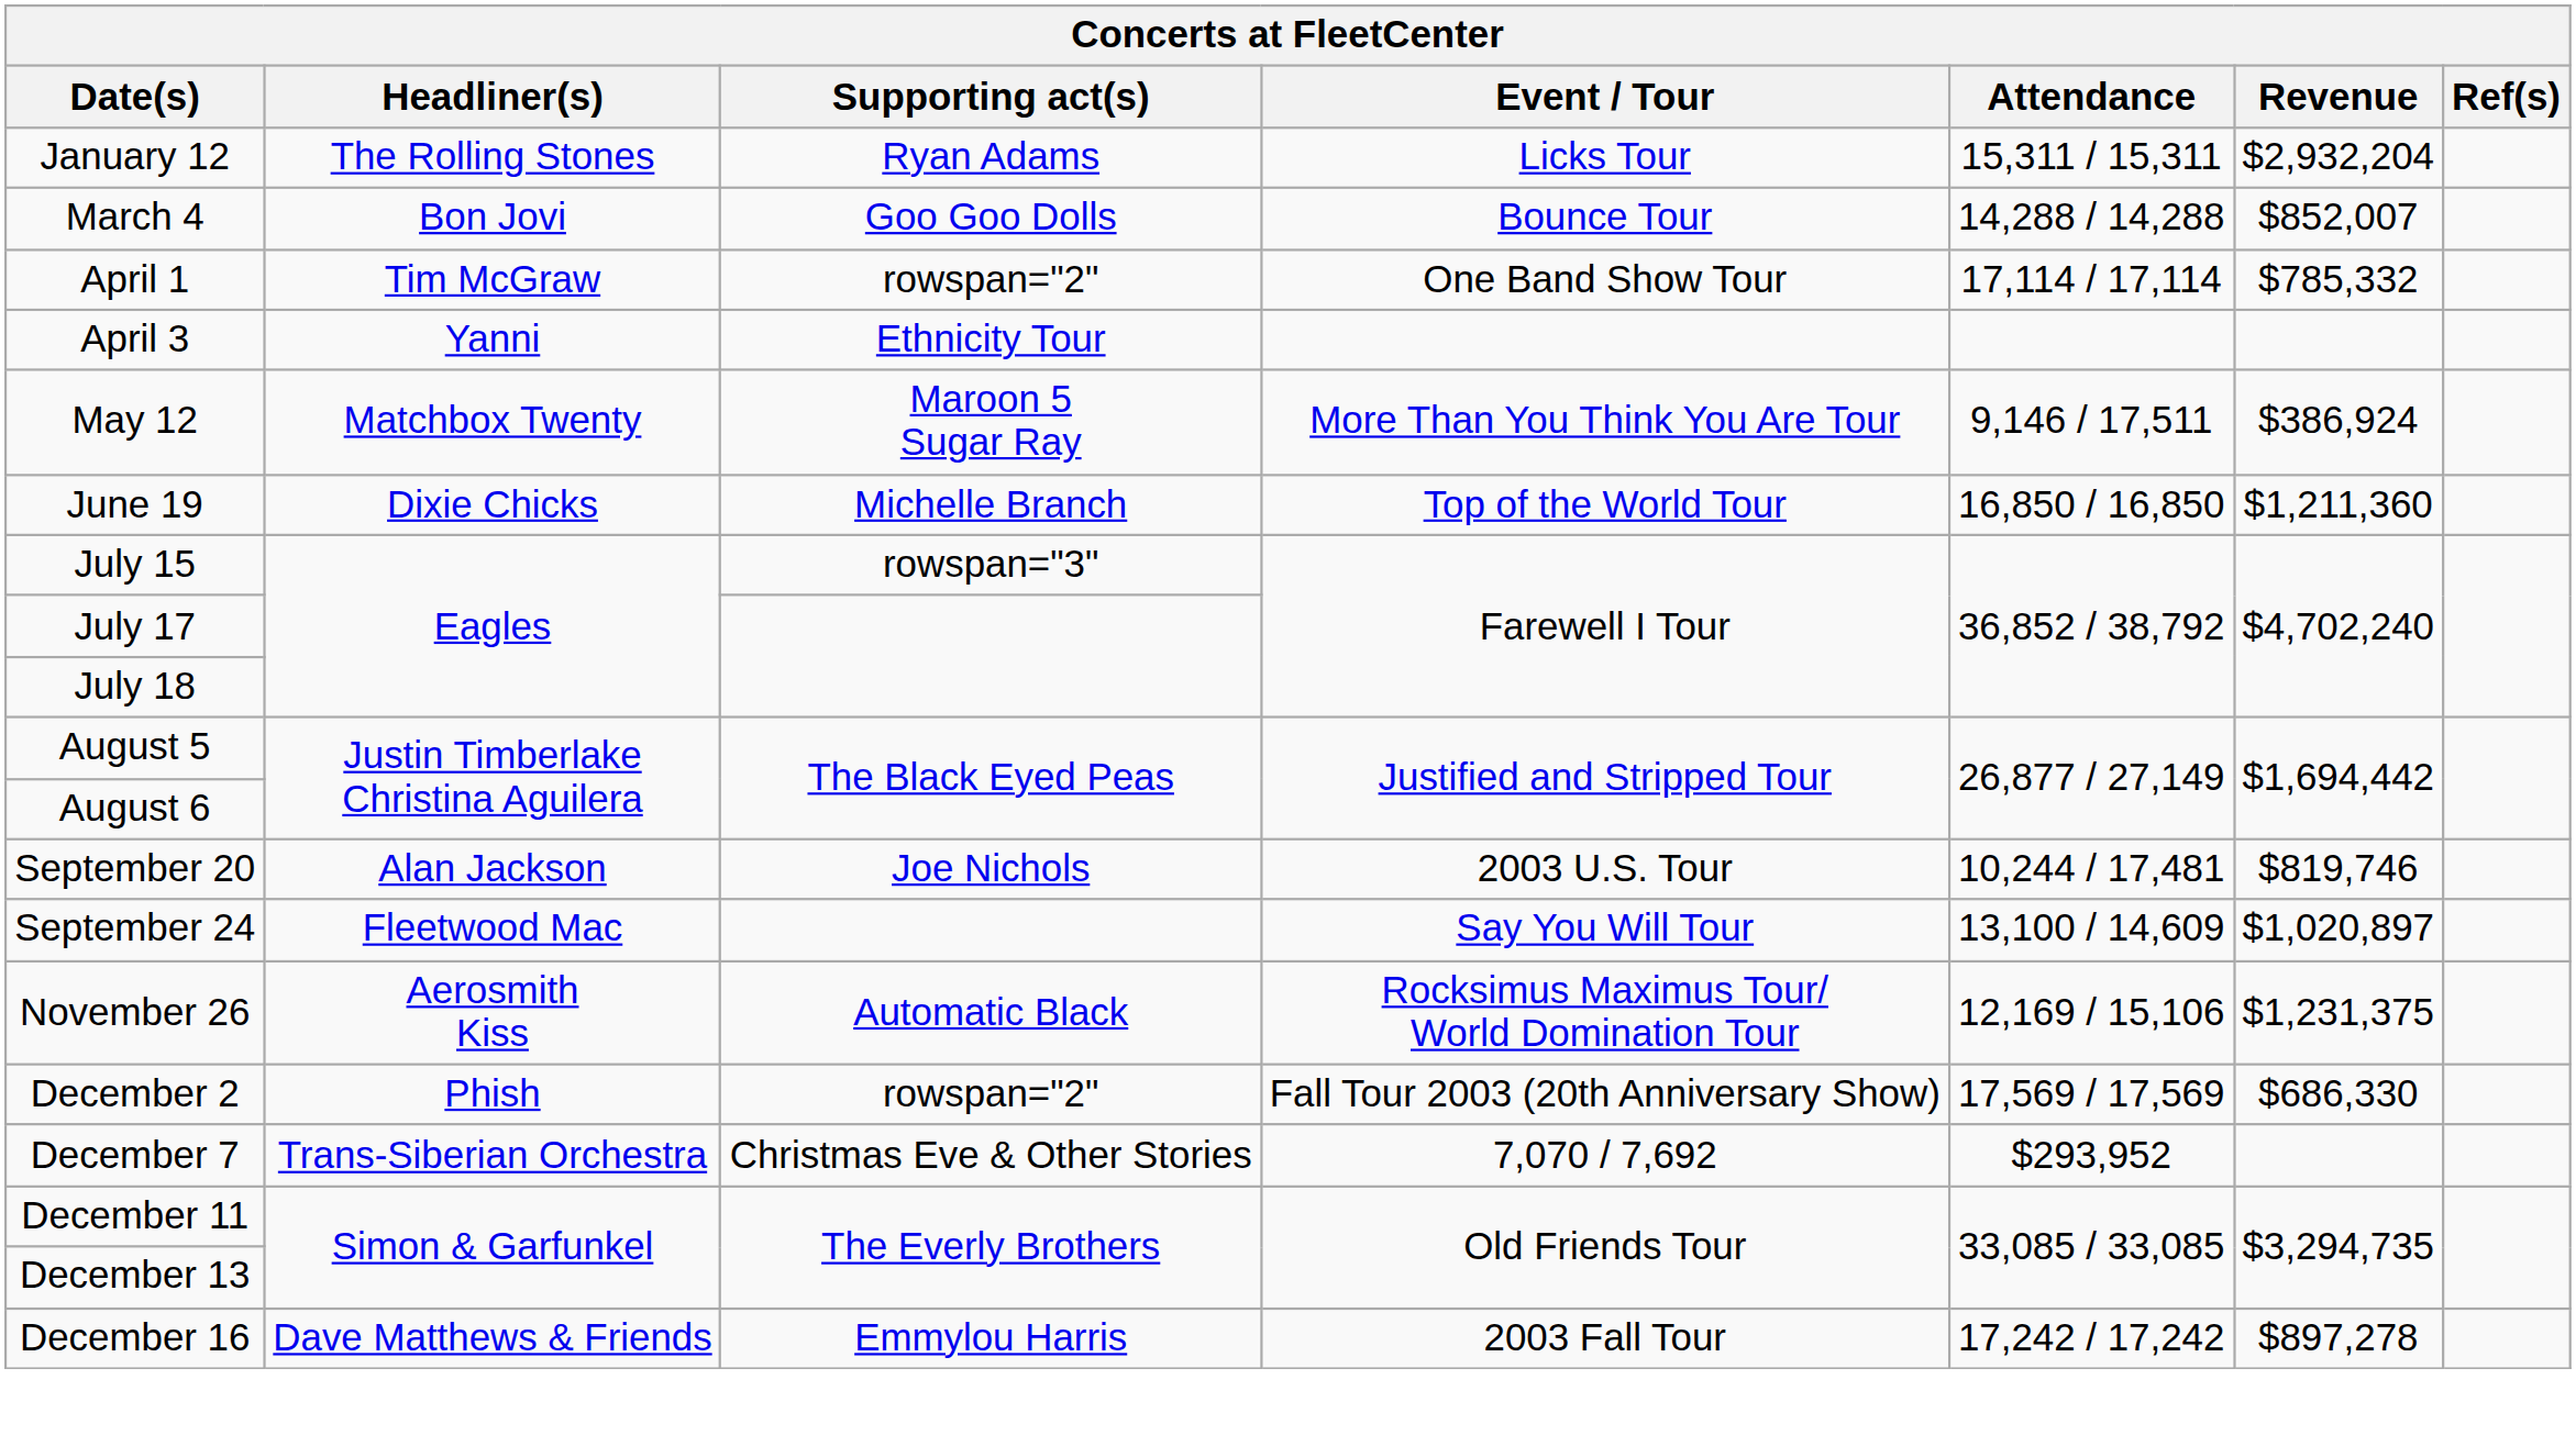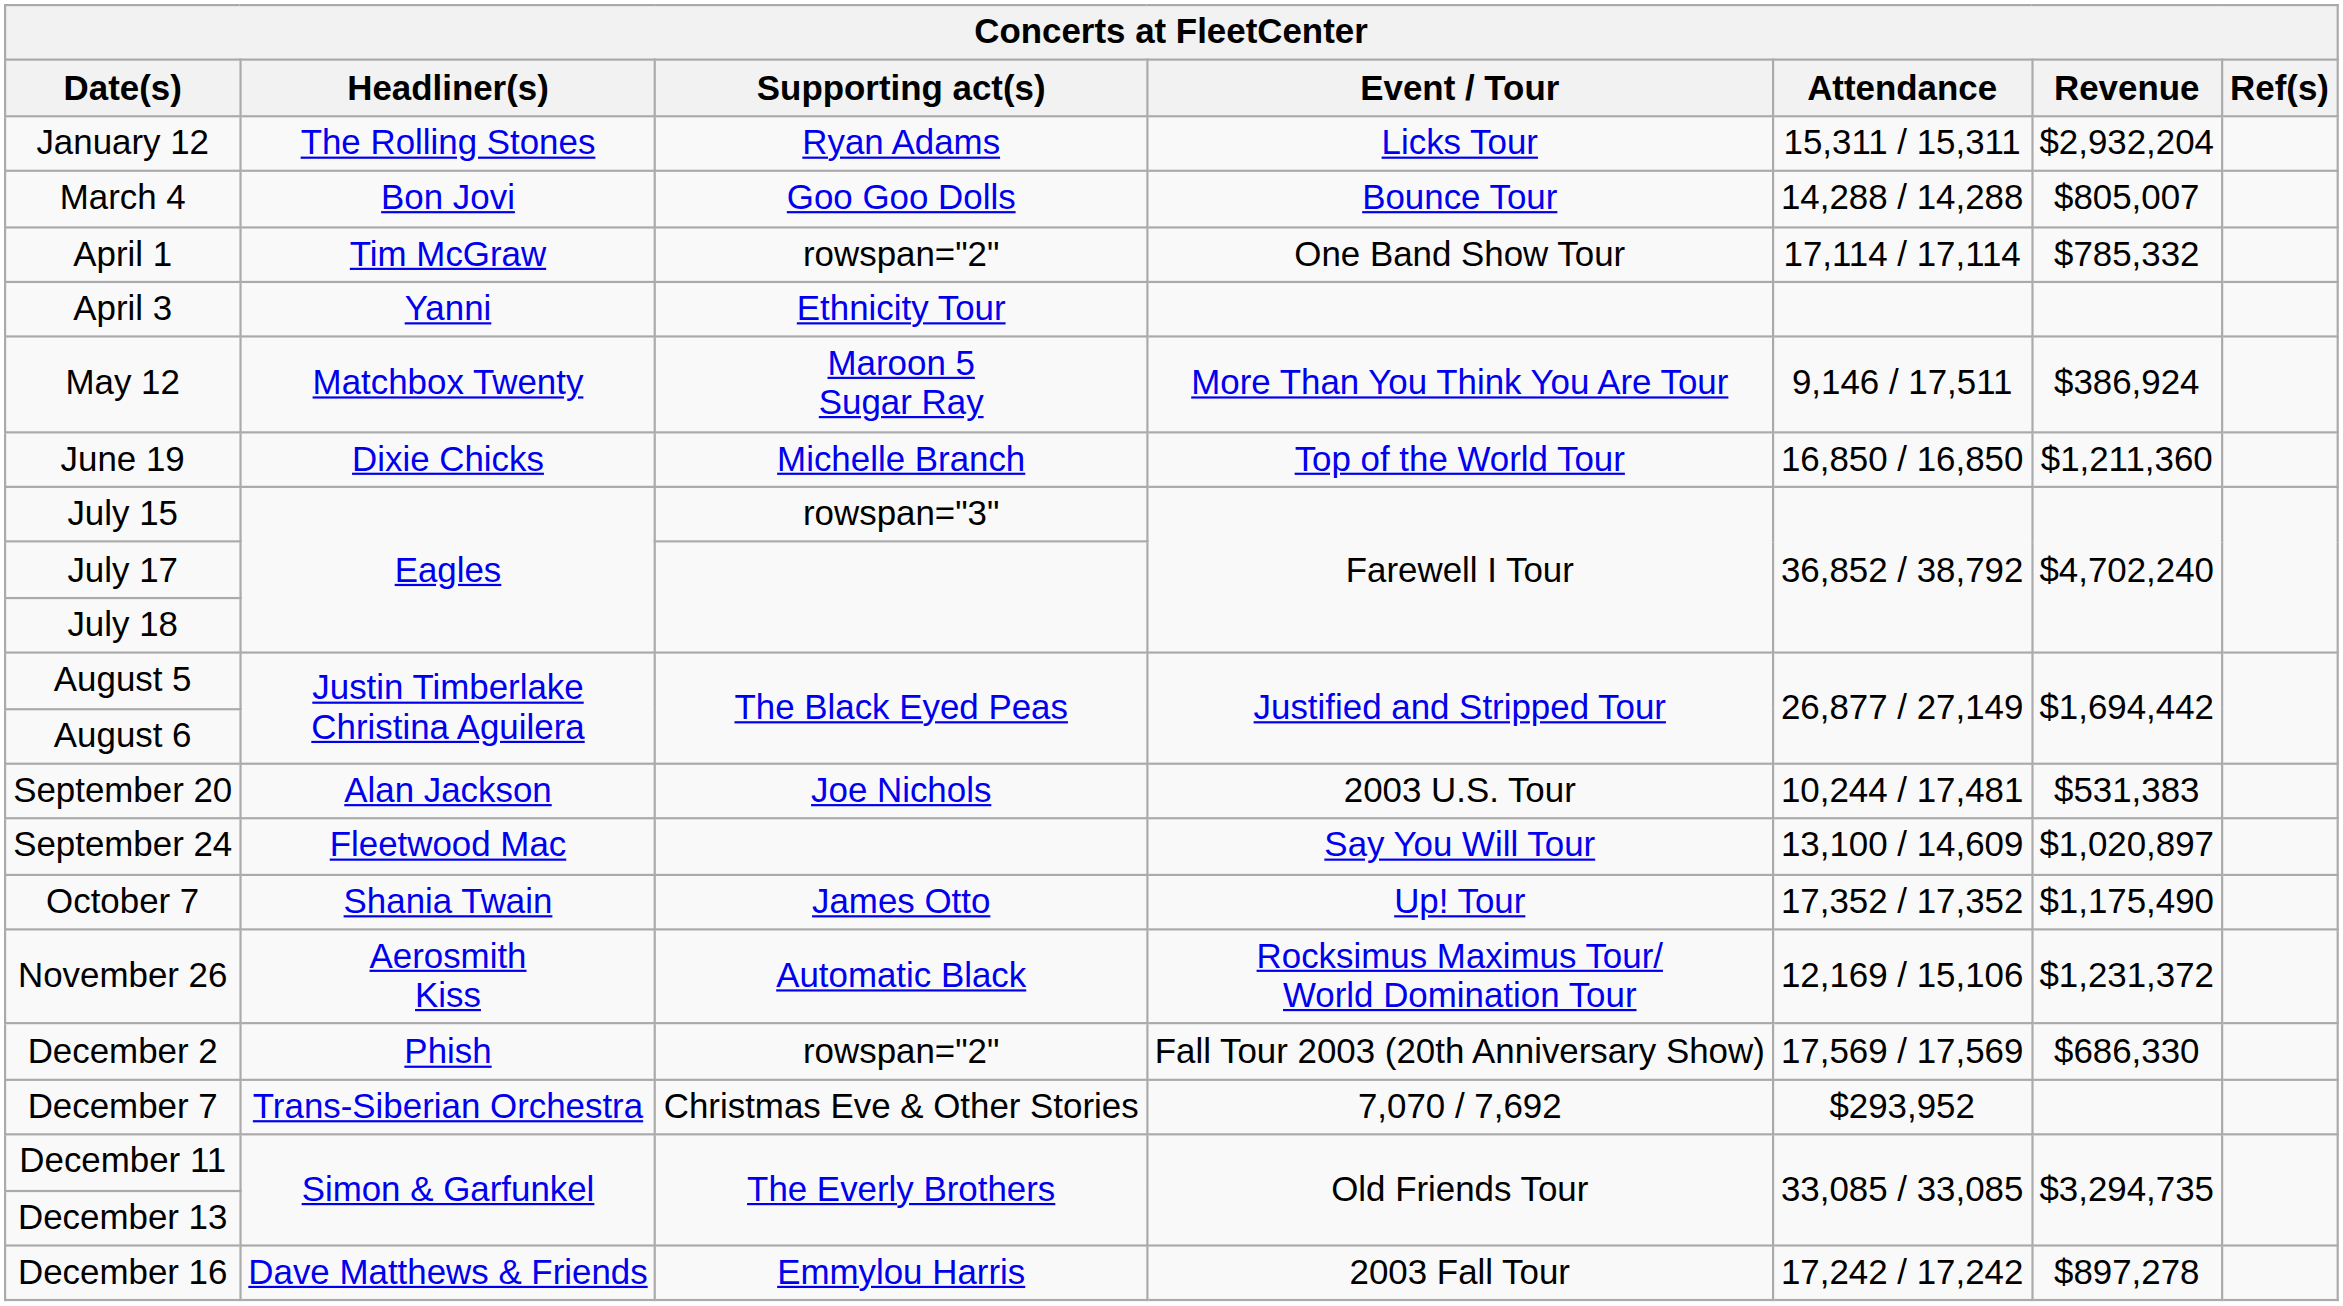 <table class="wikitable mw-collapsible mw-collapsed" style="text-align:center;">
 <tr>
 <th colspan="7">Concerts at FleetCenter</th>
 </tr>
 <tr>
 <th>Date(s)</th>
 <th>Headliner(s)</th>
 <th>Supporting act(s)</th>
 <th>Event / Tour</th>
 <th>Attendance</th>
 <th>Revenue</th>
 <th>Ref(s)</th>
 </tr>
 <tr>
 <td>January 12</td>
 <td><a href='#'>The Rolling Stones</a></td>
 <td><a href='#'>Ryan Adams</a></td>
 <td><a href='#'>Licks Tour</a></td>
 <td>15,311 / 15,311</td>
 <td>$2,932,204</td>
 <td></td>
 </tr>
 <tr>
 <td>March 4</td>
 <td><a href='#'>Bon Jovi</a></td>
 <td><a href='#'>Goo Goo Dolls</a></td>
 <td><a href='#'>Bounce Tour</a></td>
 <td>14,288 / 14,288</td>
-<td>$852,007</td>
+<td>$805,007</td>
 <td></td>
 </tr>
 <tr>
 <td>April 1</td>
 <td><a href='#'>Tim McGraw</a></td>
 <td>rowspan="2" </td>
 <td>One Band Show Tour</td>
 <td>17,114 / 17,114</td>
 <td>$785,332</td>
 <td></td>
 </tr>
 <tr>
 <td>April 3</td>
 <td><a href='#'>Yanni</a></td>
 <td><a href='#'>Ethnicity Tour</a></td>
 <td></td>
 <td></td>
 <td></td>
 </tr>
 <tr>
 <td>May 12</td>
 <td><a href='#'>Matchbox Twenty</a></td>
 <td><a href='#'>Maroon 5</a><br><a href='#'>Sugar Ray</a></td>
 <td><a href='#'>More Than You Think You Are Tour</a></td>
 <td>9,146 / 17,511</td>
 <td>$386,924</td>
 <td></td>
 </tr>
 <tr>
 <td>June 19</td>
 <td><a href='#'>Dixie Chicks</a></td>
 <td><a href='#'>Michelle Branch</a></td>
 <td><a href='#'>Top of the World Tour</a></td>
 <td>16,850 / 16,850</td>
 <td>$1,211,360</td>
 <td></td>
 </tr>
 <tr>
 <td>July 15</td>
 <td rowspan="3"><a href='#'>Eagles</a></td>
 <td>rowspan="3" </td>
 <td rowspan="3">Farewell I Tour</td>
 <td rowspan="3">36,852 / 38,792</td>
 <td rowspan="3">$4,702,240</td>
 <td rowspan="3"></td>
 </tr>
 <tr>
 <td>July 17</td>
 </tr>
 <tr>
 <td>July 18</td>
 </tr>
 <tr>
 <td>August 5</td>
 <td rowspan="2"><a href='#'>Justin Timberlake</a><br><a href='#'>Christina Aguilera</a></td>
 <td rowspan="2"><a href='#'>The Black Eyed Peas</a></td>
 <td rowspan="2"><a href='#'>Justified and Stripped Tour</a></td>
 <td rowspan="2">26,877 / 27,149</td>
 <td rowspan="2">$1,694,442</td>
 <td rowspan="2"></td>
 </tr>
 <tr>
 <td>August 6</td>
 </tr>
 <tr>
 <td>September 20</td>
 <td><a href='#'>Alan Jackson</a></td>
 <td><a href='#'>Joe Nichols</a></td>
 <td>2003 U.S. Tour</td>
 <td>10,244 / 17,481</td>
-<td>$819,746</td>
+<td>$531,383</td>
 <td></td>
 </tr>
 <tr>
 <td>September 24</td>
 <td><a href='#'>Fleetwood Mac</a></td>
 <td></td>
 <td><a href='#'>Say You Will Tour</a></td>
 <td>13,100 / 14,609</td>
 <td>$1,020,897</td>
 <td></td>
 </tr>
 <tr>
+<td>October 7</td>
+<td><a href='#'>Shania Twain</a></td>
+<td><a href='#'>James Otto</a></td>
+<td><a href='#'>Up! Tour</a></td>
+<td>17,352 / 17,352</td>
+<td>$1,175,490</td>
+<td></td>
+</tr>
+<tr>
 <td>November 26</td>
 <td><a href='#'>Aerosmith</a><br><a href='#'>Kiss</a></td>
 <td><a href='#'>Automatic Black</a></td>
 <td><a href='#'>Rocksimus Maximus Tour/<br>World Domination Tour</a></td>
 <td>12,169 / 15,106</td>
-<td>$1,231,375</td>
+<td>$1,231,372</td>
 <td></td>
 </tr>
 <tr>
 <td>December 2</td>
 <td><a href='#'>Phish</a></td>
 <td>rowspan="2" </td>
 <td>Fall Tour 2003 (20th Anniversary Show)</td>
 <td>17,569 / 17,569</td>
 <td>$686,330</td>
 <td></td>
 </tr>
 <tr>
 <td>December 7</td>
 <td><a href='#'>Trans-Siberian Orchestra</a></td>
 <td>Christmas Eve & Other Stories</td>
 <td>7,070 / 7,692</td>
 <td>$293,952</td>
 <td></td>
 </tr>
 <tr>
 <td>December 11</td>
 <td rowspan="2"><a href='#'>Simon & Garfunkel</a></td>
 <td rowspan="2"><a href='#'>The Everly Brothers</a></td>
 <td rowspan="2">Old Friends Tour</td>
 <td rowspan="2">33,085 / 33,085</td>
 <td rowspan="2">$3,294,735</td>
 <td rowspan="2"></td>
 </tr>
 <tr>
 <td>December 13</td>
 </tr>
 <tr>
 <td>December 16</td>
 <td><a href='#'>Dave Matthews & Friends</a></td>
 <td><a href='#'>Emmylou Harris</a></td>
 <td>2003 Fall Tour</td>
 <td>17,242 / 17,242</td>
 <td>$897,278</td>
 <td></td>
 </tr>
 </table>
